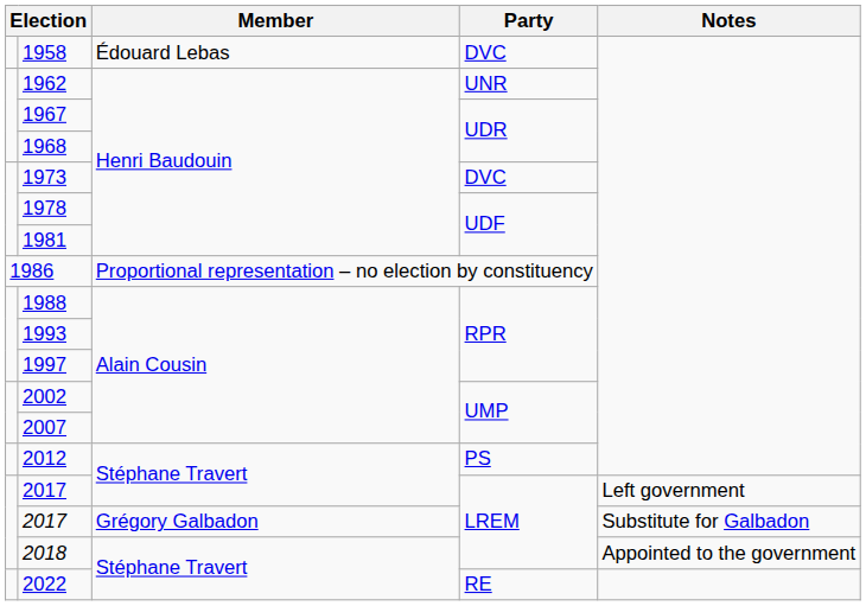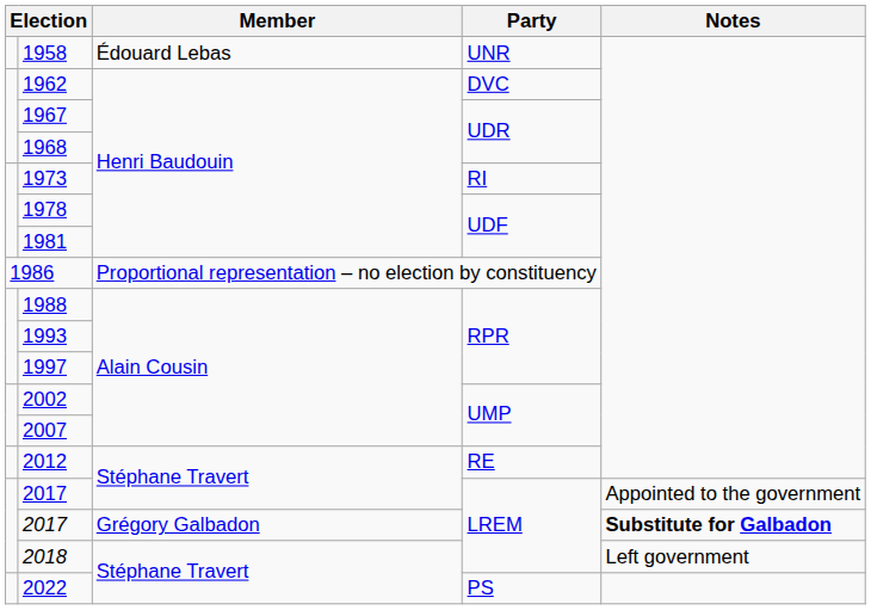 <table class="wikitable">
 <tr>
 <th colspan=2>Election</th>
 <th>Member</th>
 <th>Party</th>
 <th>Notes</th>
 </tr>
 <tr>
 <td style="background-color: "></td>
 <td><a href='#'>1958</a></td>
 <td>Édouard Lebas</td>
-<td><a href='#'>DVC</a></td>
+<td><a href='#'>UNR</a></td>
 </tr>
 <tr>
 <td rowspan="3" style="background-color: "></td>
 <td><a href='#'>1962</a></td>
 <td rowspan="6"><a href='#'>Henri Baudouin</a></td>
-<td><a href='#'>UNR</a></td>
+<td><a href='#'>DVC</a></td>
 </tr>
 <tr>
 <td><a href='#'>1967</a></td>
 <td rowspan="2"><a href='#'>UDR</a></td>
 </tr>
 <tr>
 <td><a href='#'>1968</a></td>
 </tr>
 <tr>
 <td rowspan="3" style="background-color: "></td>
 <td><a href='#'>1973</a></td>
-<td><a href='#'>DVC</a></td>
+<td><a href='#'>RI</a></td>
 </tr>
 <tr>
 <td><a href='#'>1978</a></td>
 <td rowspan="2"><a href='#'>UDF</a></td>
 </tr>
 <tr>
 <td><a href='#'>1981</a></td>
 </tr>
 <tr>
 <td colspan="2"><a href='#'>1986</a></td>
 <td colspan="2"><a href='#'>Proportional representation</a> – no election by constituency</td>
 </tr>
 <tr>
 <td rowspan="3" style="background-color: "></td>
 <td><a href='#'>1988</a></td>
 <td rowspan="5"><a href='#'>Alain Cousin</a></td>
 <td rowspan="3"><a href='#'>RPR</a></td>
 </tr>
 <tr>
 <td><a href='#'>1993</a></td>
 </tr>
 <tr>
 <td><a href='#'>1997</a></td>
 </tr>
 <tr>
 <td rowspan="2" style="background-color: "></td>
 <td><a href='#'>2002</a></td>
 <td rowspan="2"><a href='#'>UMP</a></td>
 </tr>
 <tr>
 <td><a href='#'>2007</a></td>
 </tr>
 <tr>
 <td style="background-color: "></td>
 <td><a href='#'>2012</a></td>
 <td rowspan="2"><a href='#'>Stéphane Travert</a></td>
-<td><a href='#'>PS</a></td>
+<td><a href='#'>RE</a></td>
 </tr>
 <tr>
 <td rowspan="3" style="background-color: "></td>
 <td><a href='#'>2017</a></td>
 <td rowspan="3"><a href='#'>LREM</a></td>
-<td>Left government</td>
+<td>Appointed to the government</td>
 </tr>
 <tr>
 <td><em>2017</em></td>
 <td><a href='#'>Grégory Galbadon</a></td>
-<td>Substitute for <a href='#'>Galbadon</a></td>
+<td><strong>Substitute for <a href='#'>Galbadon</a></strong></td>
 </tr>
 <tr>
 <td><em>2018</em></td>
 <td rowspan="2"><a href='#'>Stéphane Travert</a></td>
-<td>Appointed to the government</td>
+<td>Left government</td>
 </tr>
 <tr>
 <td style="background-color: "></td>
 <td><a href='#'>2022</a></td>
-<td><a href='#'>RE</a></td>
+<td><a href='#'>PS</a></td>
 <td></td>
 </tr>
 </table>
